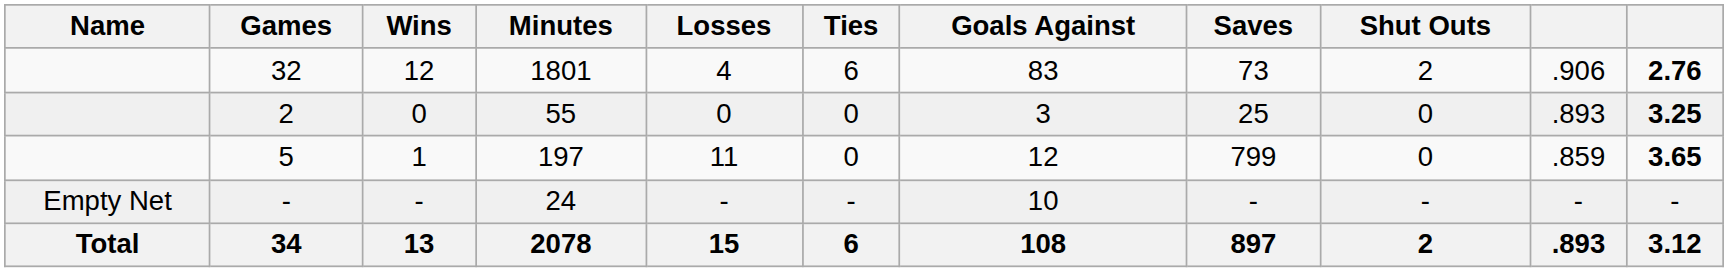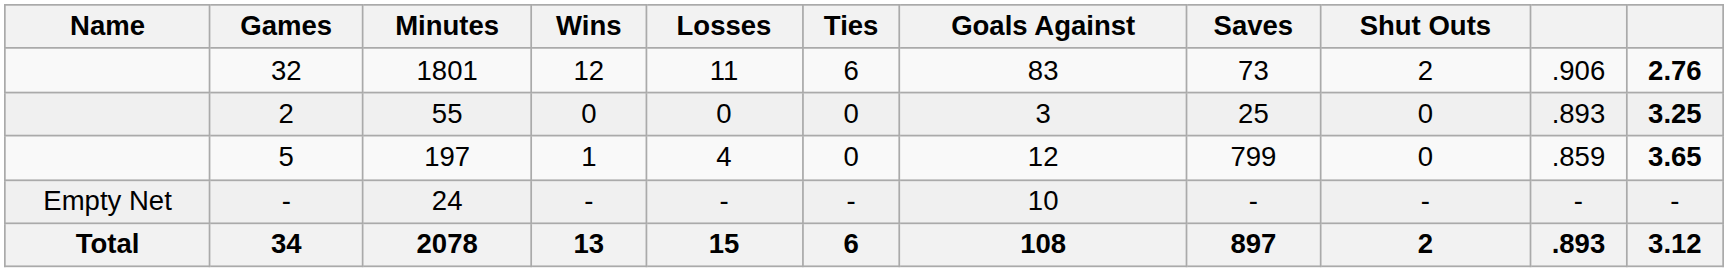 <table class="wikitable sortable" width ="1000">
 <tr align="center">
 <th>Name</th>
 <th>Games</th>
+<th>Minutes</th>
 <th>Wins</th>
-<th>Minutes</th>
 <th>Losses</th>
 <th>Ties</th>
 <th>Goals Against</th>
 <th>Saves</th>
 <th>Shut Outs</th>
 <th><a href='#'></a></th>
 <th><a href='#'></a></th>
 </tr>
 <tr align="center" bgcolor="">
 <td></td>
 <td>32</td>
+<td>1801</td>
 <td>12</td>
-<td>1801</td>
-<td>4</td>
+<td>11</td>
 <td>6</td>
 <td>83</td>
 <td>73</td>
 <td>2</td>
 <td>.906</td>
 <td><strong>2.76</strong></td>
 </tr>
 <tr align="center" bgcolor="f0f0f0">
 <td></td>
 <td>2</td>
+<td>55</td>
 <td>0</td>
-<td>55</td>
 <td>0</td>
 <td>0</td>
 <td>3</td>
 <td>25</td>
 <td>0</td>
 <td>.893</td>
 <td><strong>3.25</strong></td>
 </tr>
 <tr align="center" bgcolor="">
 <td></td>
 <td>5</td>
+<td>197</td>
 <td>1</td>
-<td>197</td>
-<td>11</td>
+<td>4</td>
 <td>0</td>
 <td>12</td>
 <td>799</td>
 <td>0</td>
 <td>.859</td>
 <td><strong>3.65</strong></td>
 </tr>
 <tr align="center" bgcolor="f0f0f0">
 <td>Empty Net</td>
 <td>-</td>
+<td>24</td>
 <td>-</td>
-<td>24</td>
 <td>-</td>
 <td>-</td>
 <td>10</td>
 <td>-</td>
 <td>-</td>
 <td>-</td>
 <td>-</td>
 </tr>
 <tr>
 <th>Total</th>
 <th>34</th>
+<th>2078</th>
 <th>13</th>
-<th>2078</th>
 <th>15</th>
 <th>6</th>
 <th>108</th>
 <th>897</th>
 <th>2</th>
 <th>.893</th>
 <th>3.12</th>
 </tr>
 </table>
